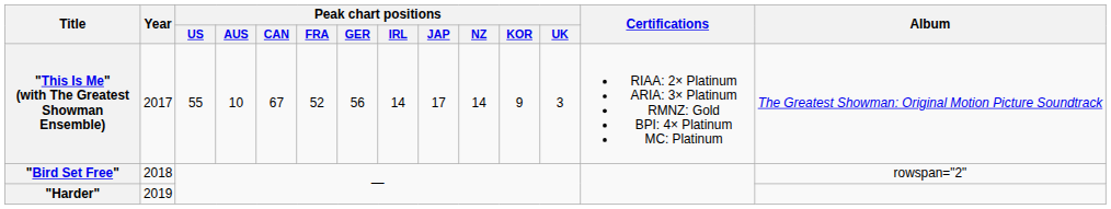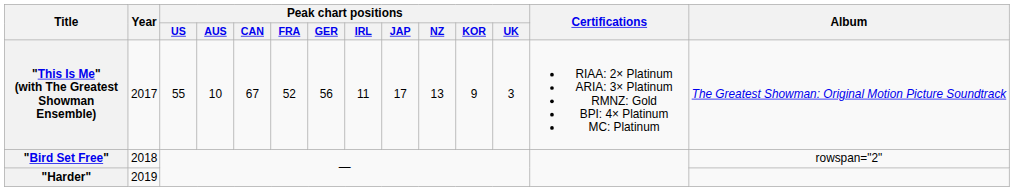 <table class="wikitable plainrowheaders" style="text-align:center;" border="1">
 <tr>
 <th scope="col" rowspan="2" style="width:10em;">Title</th>
 <th scope="col" rowspan="2">Year</th>
 <th scope="col" colspan="10">Peak chart positions</th>
 <th scope="col" rowspan="2" style="width:13em;"><a href='#'>Certifications</a></th>
 <th scope="col" rowspan="2">Album</th>
 </tr>
 <tr>
 <th scope="col" style="width:3em;font-size:90%;"><a href='#'>US</a></th>
 <th scope="col" style="width:3em;font-size:90%;"><a href='#'>AUS</a></th>
 <th scope="col" style="width:3em;font-size:90%;"><a href='#'>CAN</a></th>
 <th scope="col" style="width:3em;font-size:90%;"><a href='#'>FRA</a></th>
 <th scope="col" style="width:3em;font-size:90%;"><a href='#'>GER</a></th>
 <th scope="col" style="width:3em;font-size:90%;"><a href='#'>IRL</a></th>
 <th scope="col" style="width:3em;font-size:90%;"><a href='#'>JAP</a></th>
 <th scope="col" style="width:3em;font-size:90%;"><a href='#'>NZ</a></th>
 <th scope="col" style="width:3em;font-size:90%;"><a href='#'>KOR</a></th>
 <th scope="col" style="width:3em;font-size:90%;"><a href='#'>UK</a></th>
 </tr>
 <tr>
 <th scope="row">"<a href='#'>This Is Me</a>"<br><span>(with The Greatest Showman Ensemble)</span></th>
 <td>2017</td>
 <td>55<br></td>
 <td>10<br></td>
 <td>67<br></td>
 <td>52<br></td>
 <td>56<br></td>
-<td>14<br></td>
+<td>11<br></td>
 <td>17<br></td>
-<td>14<br></td>
+<td>13<br></td>
 <td>9<br></td>
 <td>3<br></td>
 <td><br><ul><li>RIAA: 2× Platinum</li><li>ARIA: 3× Platinum</li><li>RMNZ: Gold</li><li>BPI: 4× Platinum</li><li>MC: Platinum</li></ul></td>
 <td><em><a href='#'>The Greatest Showman: Original Motion Picture Soundtrack</a></em></td>
 </tr>
 <tr>
 <th scope="row">"<a href='#'>Bird Set Free</a>"</th>
 <td>2018</td>
 <td colspan="10" rowspan="2">—</td>
 <td rowspan="2"></td>
 <td>rowspan="2" </td>
 </tr>
 <tr>
 <th scope="row">"Harder"</th>
 <td>2019</td>
 </tr>
 </table>
